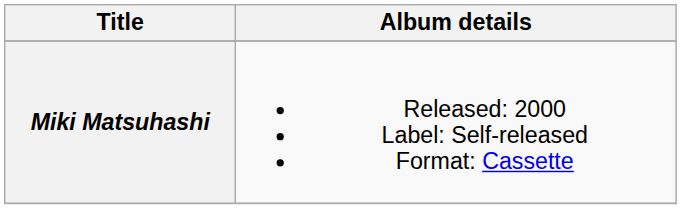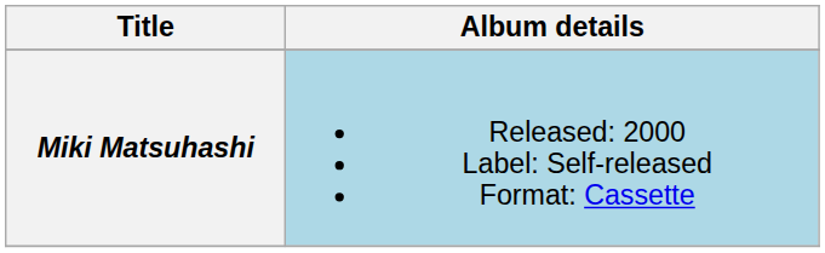 <table class="wikitable plainrowheaders" style="text-align:center">
 <tr>
 <th scope="col" rowspan="1" style="width:9.5em;">Title</th>
 <th scope="col" rowspan="1" style="width:18.5em;">Album details</th>
 </tr>
 <tr style="font-size:smaller;">
 </tr>
 <tr>
 <th scope="row"><em>Miki Matsuhashi</em></th>
-<td><br><ul><li>Released: 2000</li><li>Label: Self-released</li><li>Format: <a href='#'>Cassette</a></li></ul></td>
+<td style="background: lightblue;"><br><ul><li>Released: 2000</li><li>Label: Self-released</li><li>Format: <a href='#'>Cassette</a></li></ul></td>
 </tr>
 <tr>
 </tr>
 </table>
